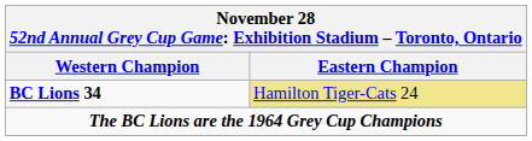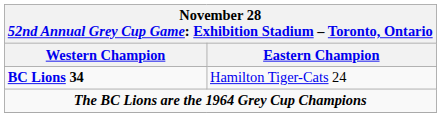 <table class="wikitable" valign="top">
 <tr>
 <th colspan="2">November 28<br><a href='#'><em>52nd Annual Grey Cup Game</em></a>: <a href='#'>Exhibition Stadium</a> – <a href='#'>Toronto, Ontario</a></th>
 </tr>
 <tr>
 <th><a href='#'>Western Champion</a></th>
 <th><a href='#'>Eastern Champion</a></th>
 </tr>
 <tr>
 <td><strong><a href='#'>BC Lions</a> 34</strong></td>
-<td style="background: khaki;"><a href='#'>Hamilton Tiger-Cats</a> 24</td>
+<td><a href='#'>Hamilton Tiger-Cats</a> 24</td>
 </tr>
 <tr>
 <td colspan="2" align="center"><strong><em>The BC Lions are the 1964 Grey Cup Champions</em></strong></td>
 </tr>
 <tr>
 </tr>
 </table>
